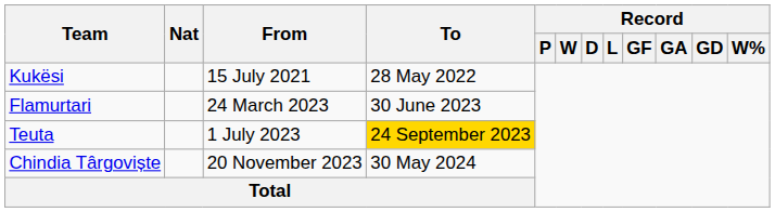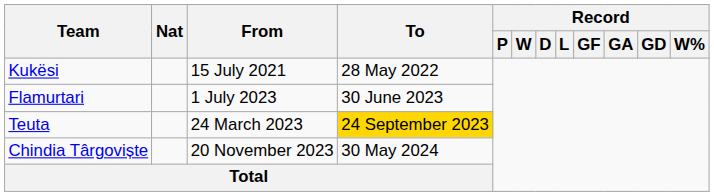 <table class="wikitable" style="text-align:center">
 <tr>
 <th rowspan="2">Team</th>
 <th rowspan="2">Nat</th>
 <th rowspan="2">From</th>
 <th rowspan="2">To</th>
 <th colspan="8">Record</th>
 </tr>
 <tr>
 <th>P</th>
 <th>W</th>
 <th>D</th>
 <th>L</th>
 <th>GF</th>
 <th>GA</th>
 <th>GD</th>
 <th>W%</th>
 </tr>
 <tr>
 <td align=left><a href='#'>Kukësi</a></td>
 <td></td>
 <td align=left>15 July 2021</td>
 <td align=left>28 May 2022<br></td>
 </tr>
 <tr>
 <td align=left><a href='#'>Flamurtari</a></td>
 <td></td>
-<td align=left>24 March 2023</td>
+<td align=left>1 July 2023</td>
 <td align=left>30 June 2023<br></td>
 </tr>
 <tr>
 <td align=left><a href='#'>Teuta</a></td>
 <td></td>
-<td align=left>1 July 2023</td>
+<td align=left>24 March 2023</td>
 <td align=left style="background: gold;">24 September 2023<br></td>
 </tr>
 <tr>
 <td align=left><a href='#'>Chindia Târgoviște</a></td>
 <td></td>
 <td align=left>20 November 2023</td>
 <td align=left>30 May 2024<br></td>
 </tr>
 <tr>
 <th colspan="4">Total<br></th>
 </tr>
 </table>
